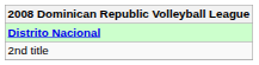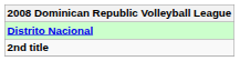 <table class="wikitable">
 <tr>
 <th>2008 Dominican Republic Volleyball League</th>
 </tr>
 <tr bgcolor=#ccffcc>
 <td><strong><a href='#'>Distrito Nacional</a></strong></td>
 </tr>
 <tr>
-<td>2nd title</td>
+<td><strong>2nd title</strong></td>
 </tr>
 <tr>
 </tr>
 </table>
